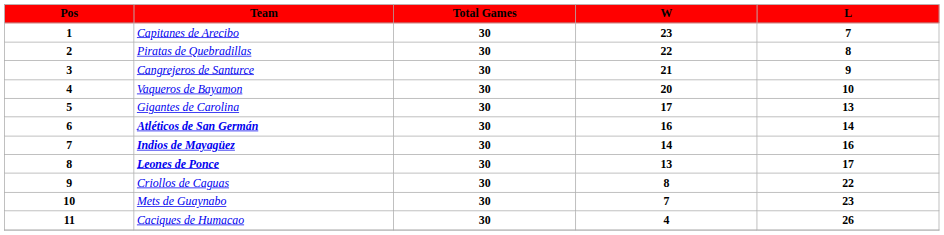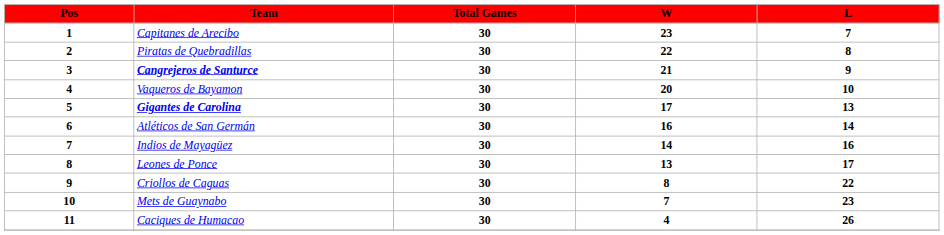 <table class="wikitable" style="margin:0.5em auto; background:white; text-align:left">
 <tr>
 <th style="background:red; width:5%">Pos</th>
 <th style="background:red; width:10%">Team</th>
 <th style="background:red; width:7%">Total Games</th>
 <th style="background:red; width:7%">W</th>
 <th style="background:red; width:7%">L</th>
 </tr>
 <tr>
 <td align=center><strong>1</strong></td>
 <td><em><a href='#'>Capitanes de Arecibo</a></em></td>
 <td align=center><strong>30</strong></td>
 <td align=center><strong>23</strong></td>
 <td align=center><strong>7</strong></td>
 </tr>
 <tr>
 <td align=center><strong>2</strong></td>
 <td><em><a href='#'>Piratas de Quebradillas</a></em></td>
 <td align=center><strong>30</strong></td>
 <td align=center><strong>22</strong></td>
 <td align=center><strong>8</strong></td>
 </tr>
 <tr>
 <td align=center><strong>3</strong></td>
-<td><em><a href='#'>Cangrejeros de Santurce</a></em></td>
+<td><strong><em><a href='#'>Cangrejeros de Santurce</a></em></strong></td>
 <td align=center><strong>30</strong></td>
 <td align=center><strong>21</strong></td>
 <td align=center><strong>9</strong></td>
 </tr>
 <tr>
 <td align=center><strong>4</strong></td>
 <td><em><a href='#'>Vaqueros de Bayamon</a></em></td>
 <td align=center><strong>30</strong></td>
 <td align=center><strong>20</strong></td>
 <td align=center><strong>10</strong></td>
 </tr>
 <tr>
 <td align=center><strong>5</strong></td>
-<td><em><a href='#'>Gigantes de Carolina</a></em></td>
+<td><strong><em><a href='#'>Gigantes de Carolina</a></em></strong></td>
 <td align=center><strong>30</strong></td>
 <td align=center><strong>17</strong></td>
 <td align=center><strong>13</strong></td>
 </tr>
 <tr>
 <td align=center><strong>6</strong></td>
-<td><strong><em><a href='#'>Atléticos de San Germán</a></em></strong></td>
+<td><em><a href='#'>Atléticos de San Germán</a></em></td>
 <td align=center><strong>30</strong></td>
 <td align=center><strong>16</strong></td>
 <td align=center><strong>14</strong></td>
 </tr>
 <tr>
 <td align=center><strong>7</strong></td>
-<td><strong><em><a href='#'>Indios de Mayagüez</a></em></strong></td>
+<td><em><a href='#'>Indios de Mayagüez</a></em></td>
 <td align=center><strong>30</strong></td>
 <td align=center><strong>14</strong></td>
 <td align=center><strong>16</strong></td>
 </tr>
 <tr>
 <td align=center><strong>8</strong></td>
-<td><strong><em><a href='#'>Leones de Ponce</a></em></strong></td>
+<td><em><a href='#'>Leones de Ponce</a></em></td>
 <td align=center><strong>30</strong></td>
 <td align=center><strong>13</strong></td>
 <td align=center><strong>17</strong></td>
 </tr>
 <tr>
 <td align=center><strong>9</strong></td>
 <td><em><a href='#'>Criollos de Caguas</a></em></td>
 <td align=center><strong>30</strong></td>
 <td align=center><strong>8</strong></td>
 <td align=center><strong>22</strong></td>
 </tr>
 <tr>
 <td align=center><strong>10</strong></td>
 <td><em><a href='#'>Mets de Guaynabo</a></em></td>
 <td align=center><strong>30</strong></td>
 <td align=center><strong>7</strong></td>
 <td align=center><strong>23</strong></td>
 </tr>
 <tr>
 <td align=center><strong>11</strong></td>
 <td><em><a href='#'>Caciques de Humacao</a></em></td>
 <td align=center><strong>30</strong></td>
 <td align=center><strong>4</strong></td>
 <td align=center><strong>26</strong></td>
 </tr>
 <tr>
 </tr>
 </table>
